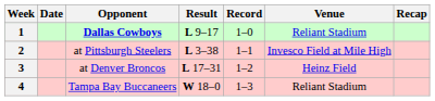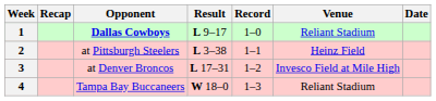 <table class="wikitable" style="text-align:center">
 <tr>
 <th>Week</th>
-<th>Date</th>
+<th>Recap</th>
 <th>Opponent</th>
 <th>Result</th>
 <th>Record</th>
 <th>Venue</th>
-<th>Recap</th>
+<th>Date</th>
 </tr>
 <tr style="background:#cfc">
 <th>1</th>
 <td></td>
 <td><strong><a href='#'>Dallas Cowboys</a></strong></td>
 <td><strong>L</strong> 9–17</td>
 <td>1–0</td>
 <td><a href='#'>Reliant Stadium</a></td>
 <td></td>
 </tr>
 <tr style="background:#fcc">
 <th>2</th>
 <td></td>
 <td>at <a href='#'>Pittsburgh Steelers</a></td>
 <td><strong>L</strong> 3–38</td>
 <td>1–1</td>
-<td><a href='#'>Invesco Field at Mile High</a></td>
+<td><a href='#'>Heinz Field</a></td>
 <td></td>
 </tr>
 <tr style="background:#fcc">
 <th>3</th>
 <td></td>
 <td>at <a href='#'>Denver Broncos</a></td>
 <td><strong>L</strong> 17–31</td>
 <td>1–2</td>
-<td><a href='#'>Heinz Field</a></td>
+<td><a href='#'>Invesco Field at Mile High</a></td>
 <td></td>
 </tr>
 <tr style="background:#fcc">
 <th>4</th>
 <td></td>
 <td><a href='#'>Tampa Bay Buccaneers</a></td>
 <td><strong>W</strong> 18–0</td>
 <td>1–3</td>
 <td>Reliant Stadium</td>
 <td></td>
 </tr>
 </table>
